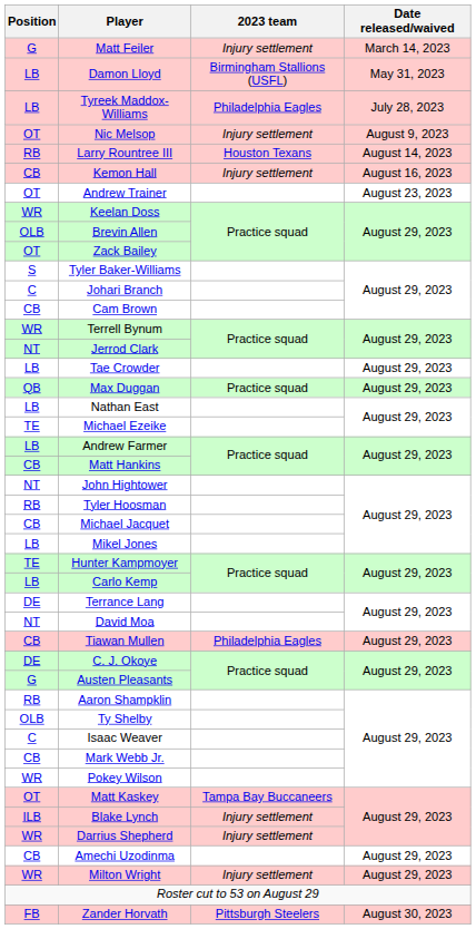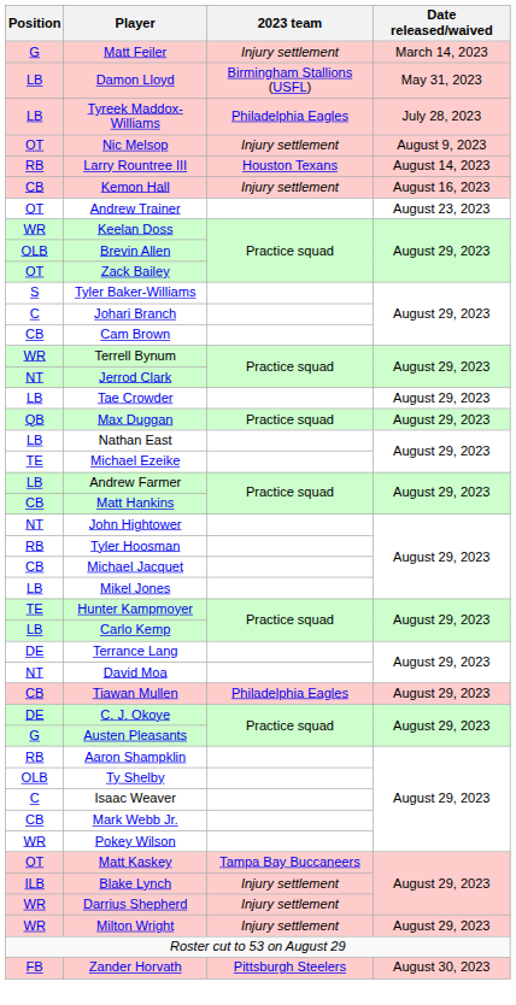 <table class="wikitable" style="text-align:center">
 <tr>
 <th>Position</th>
 <th>Player</th>
 <th>2023 team</th>
 <th>Date released/waived</th>
 </tr>
 <tr style="background:#fcc">
 <td><a href='#'>G</a></td>
 <td><a href='#'>Matt Feiler</a></td>
 <td><em>Injury settlement</em></td>
 <td>March 14, 2023</td>
 </tr>
 <tr style="background:#fcc">
 <td><a href='#'>LB</a></td>
 <td><a href='#'>Damon Lloyd</a></td>
 <td><a href='#'>Birmingham Stallions</a> (<a href='#'>USFL</a>)</td>
 <td>May 31, 2023</td>
 </tr>
 <tr style="background:#fcc">
 <td><a href='#'>LB</a></td>
 <td><a href='#'>Tyreek Maddox-Williams</a></td>
 <td><a href='#'>Philadelphia Eagles</a></td>
 <td>July 28, 2023</td>
 </tr>
 <tr style="background:#fcc">
 <td><a href='#'>OT</a></td>
 <td><a href='#'>Nic Melsop</a></td>
 <td><em>Injury settlement</em></td>
 <td>August 9, 2023</td>
 </tr>
 <tr style="background:#fcc">
 <td><a href='#'>RB</a></td>
 <td><a href='#'>Larry Rountree III</a></td>
 <td><a href='#'>Houston Texans</a></td>
 <td>August 14, 2023</td>
 </tr>
 <tr style="background:#fcc">
 <td><a href='#'>CB</a></td>
 <td><a href='#'>Kemon Hall</a></td>
 <td><em>Injury settlement</em></td>
 <td>August 16, 2023</td>
 </tr>
 <tr style="background:#fff">
 <td><a href='#'>OT</a></td>
 <td><a href='#'>Andrew Trainer</a></td>
 <td></td>
 <td>August 23, 2023</td>
 </tr>
 <tr style="background:#cfc">
 <td><a href='#'>WR</a></td>
 <td><a href='#'>Keelan Doss</a></td>
 <td rowspan=3>Practice squad</td>
 <td rowspan=3>August 29, 2023</td>
 </tr>
 <tr style="background:#cfc">
 <td><a href='#'>OLB</a></td>
 <td><a href='#'>Brevin Allen</a></td>
 </tr>
 <tr style="background:#cfc">
 <td><a href='#'>OT</a></td>
 <td><a href='#'>Zack Bailey</a></td>
 </tr>
 <tr style="background:#fff">
 <td><a href='#'>S</a></td>
 <td><a href='#'>Tyler Baker-Williams</a></td>
 <td></td>
 <td rowspan=3>August 29, 2023</td>
 </tr>
 <tr style="background:#fff">
 <td><a href='#'>C</a></td>
 <td><a href='#'>Johari Branch</a></td>
 <td></td>
 </tr>
 <tr style="background:#fff">
 <td><a href='#'>CB</a></td>
 <td><a href='#'>Cam Brown</a></td>
 <td></td>
 </tr>
 <tr style="background:#cfc">
 <td><a href='#'>WR</a></td>
 <td>Terrell Bynum</td>
 <td rowspan=2>Practice squad</td>
 <td rowspan=2>August 29, 2023</td>
 </tr>
 <tr style="background:#cfc">
 <td><a href='#'>NT</a></td>
 <td><a href='#'>Jerrod Clark</a></td>
 </tr>
 <tr style="background:#fff">
 <td><a href='#'>LB</a></td>
 <td><a href='#'>Tae Crowder</a></td>
 <td></td>
 <td>August 29, 2023</td>
 </tr>
 <tr style="background:#cfc">
 <td><a href='#'>QB</a></td>
 <td><a href='#'>Max Duggan</a></td>
 <td>Practice squad</td>
 <td>August 29, 2023</td>
 </tr>
 <tr style="background:#fff">
 <td><a href='#'>LB</a></td>
 <td>Nathan East</td>
 <td></td>
 <td rowspan=2>August 29, 2023</td>
 </tr>
 <tr style="background:#fff">
 <td><a href='#'>TE</a></td>
 <td><a href='#'>Michael Ezeike</a></td>
 <td></td>
 </tr>
 <tr style="background:#cfc">
 <td><a href='#'>LB</a></td>
 <td>Andrew Farmer</td>
 <td rowspan=2>Practice squad</td>
 <td rowspan=2>August 29, 2023</td>
 </tr>
 <tr style="background:#cfc">
 <td><a href='#'>CB</a></td>
 <td><a href='#'>Matt Hankins</a></td>
 </tr>
 <tr style="background:#fff">
 <td><a href='#'>NT</a></td>
 <td><a href='#'>John Hightower</a></td>
 <td></td>
 <td rowspan=4>August 29, 2023</td>
 </tr>
 <tr style="background:#fff">
 <td><a href='#'>RB</a></td>
 <td><a href='#'>Tyler Hoosman</a></td>
 <td></td>
 </tr>
 <tr style="background:#fff">
 <td><a href='#'>CB</a></td>
 <td><a href='#'>Michael Jacquet</a></td>
 <td></td>
 </tr>
 <tr style="background:#fff">
 <td><a href='#'>LB</a></td>
 <td><a href='#'>Mikel Jones</a></td>
 <td></td>
 </tr>
 <tr style="background:#cfc">
 <td><a href='#'>TE</a></td>
 <td><a href='#'>Hunter Kampmoyer</a></td>
 <td rowspan=2>Practice squad</td>
 <td rowspan=2>August 29, 2023</td>
 </tr>
 <tr style="background:#cfc">
 <td><a href='#'>LB</a></td>
 <td><a href='#'>Carlo Kemp</a></td>
 </tr>
 <tr style="background:#fff">
 <td><a href='#'>DE</a></td>
 <td><a href='#'>Terrance Lang</a></td>
 <td></td>
 <td rowspan=2>August 29, 2023</td>
 </tr>
 <tr style="background:#fff">
 <td><a href='#'>NT</a></td>
 <td><a href='#'>David Moa</a></td>
 <td></td>
 </tr>
 <tr style="background:#fcc">
 <td><a href='#'>CB</a></td>
 <td><a href='#'>Tiawan Mullen</a></td>
 <td><a href='#'>Philadelphia Eagles</a></td>
 <td>August 29, 2023</td>
 </tr>
 <tr style="background:#cfc">
 <td><a href='#'>DE</a></td>
 <td><a href='#'>C. J. Okoye</a></td>
 <td rowspan=2>Practice squad</td>
 <td rowspan=2>August 29, 2023</td>
 </tr>
 <tr style="background:#cfc">
 <td><a href='#'>G</a></td>
 <td><a href='#'>Austen Pleasants</a></td>
 </tr>
 <tr style="background:#fff">
 <td><a href='#'>RB</a></td>
 <td><a href='#'>Aaron Shampklin</a></td>
 <td></td>
 <td rowspan=5>August 29, 2023</td>
 </tr>
 <tr style="background:#fff">
 <td><a href='#'>OLB</a></td>
 <td><a href='#'>Ty Shelby</a></td>
 <td></td>
 </tr>
 <tr style="background:#fff">
 <td><a href='#'>C</a></td>
 <td>Isaac Weaver</td>
 <td></td>
 </tr>
 <tr style="background:#fff">
 <td><a href='#'>CB</a></td>
 <td><a href='#'>Mark Webb Jr.</a></td>
 <td></td>
 </tr>
 <tr style="background:#fff">
 <td><a href='#'>WR</a></td>
 <td><a href='#'>Pokey Wilson</a></td>
 <td></td>
 </tr>
 <tr style="background:#fcc">
 <td><a href='#'>OT</a></td>
 <td><a href='#'>Matt Kaskey</a></td>
 <td><a href='#'>Tampa Bay Buccaneers</a></td>
 <td rowspan=3>August 29, 2023</td>
 </tr>
 <tr style="background:#fcc">
 <td><a href='#'>ILB</a></td>
 <td><a href='#'>Blake Lynch</a></td>
 <td><em>Injury settlement</em></td>
 </tr>
 <tr style="background:#fcc">
 <td><a href='#'>WR</a></td>
 <td><a href='#'>Darrius Shepherd</a></td>
 <td><em>Injury settlement</em></td>
 </tr>
-<tr style="background:#fff">
-<td><a href='#'>CB</a></td>
-<td><a href='#'>Amechi Uzodinma</a></td>
-<td></td>
-<td>August 29, 2023</td>
-</tr>
 <tr style="background:#fcc">
 <td><a href='#'>WR</a></td>
 <td><a href='#'>Milton Wright</a></td>
 <td><em>Injury settlement</em></td>
 <td>August 29, 2023</td>
 </tr>
 <tr>
 <td colspan="4"><em>Roster cut to 53 on August 29</em></td>
 </tr>
 <tr style="background:#fcc">
 <td><a href='#'>FB</a></td>
 <td><a href='#'>Zander Horvath</a></td>
 <td><a href='#'>Pittsburgh Steelers</a></td>
 <td>August 30, 2023</td>
 </tr>
 </table>
